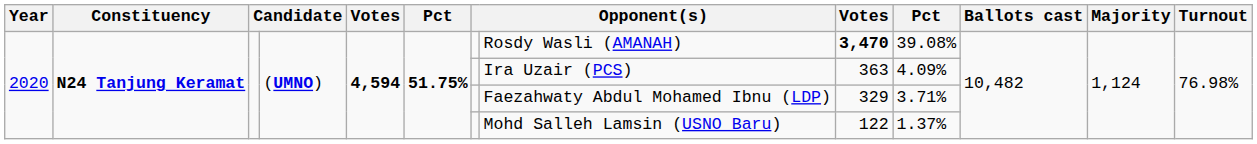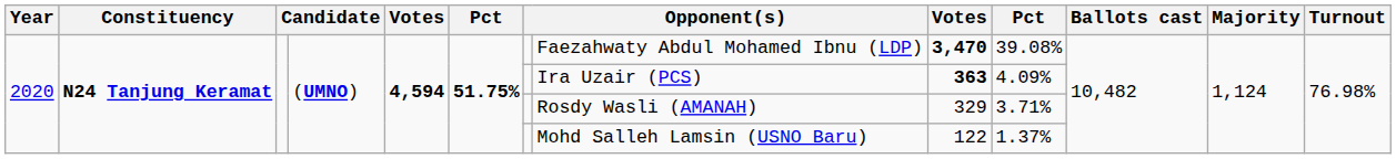 <table class="wikitable" style="margin:0.5em ; font-size:95%">
 <tr>
 <th>Year</th>
 <th>Constituency</th>
 <th colspan=2>Candidate</th>
 <th>Votes</th>
 <th>Pct</th>
 <th colspan=2>Opponent(s)</th>
 <th>Votes</th>
 <th>Pct</th>
 <th>Ballots cast</th>
 <th>Majority</th>
 <th>Turnout</th>
 </tr>
 <tr>
 <td rowspan=4><a href='#'>2020</a></td>
 <td rowspan=4><strong>N24 <a href='#'>Tanjung Keramat</a></strong></td>
 <td rowspan=4 ></td>
 <td rowspan=4> (<a href='#'><strong>UMNO</strong></a>)</td>
 <td rowspan=4 align="right"><strong>4,594</strong></td>
 <td rowspan=4><strong>51.75%</strong></td>
 <td></td>
-<td>Rosdy Wasli (<a href='#'>AMANAH</a>)</td>
+<td>Faezahwaty Abdul Mohamed Ibnu (<a href='#'>LDP</a>)</td>
 <td align="right"><strong>3,470</strong></td>
 <td>39.08%</td>
 <td rowspan=4>10,482</td>
 <td rowspan=4>1,124</td>
 <td rowspan=4>76.98%</td>
 </tr>
 <tr>
 <td></td>
 <td>Ira Uzair (<a href='#'>PCS</a>)</td>
-<td align="right">363</td>
+<td align="right"><strong>363</strong></td>
 <td>4.09%</td>
 </tr>
 <tr>
 <td></td>
-<td>Faezahwaty Abdul Mohamed Ibnu (<a href='#'>LDP</a>)</td>
+<td>Rosdy Wasli (<a href='#'>AMANAH</a>)</td>
 <td align="right">329</td>
 <td>3.71%</td>
 </tr>
 <tr>
 <td bgcolor = ></td>
 <td>Mohd Salleh Lamsin (<a href='#'>USNO Baru</a>)</td>
 <td align="right">122</td>
 <td>1.37%</td>
 </tr>
 </table>
